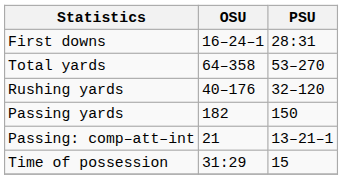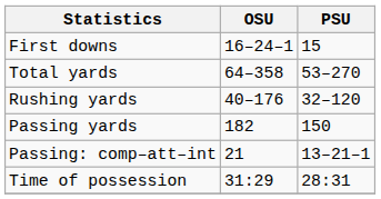 <table class="wikitable" style="float: left;">
 <tr>
 <th>Statistics</th>
 <th>OSU</th>
 <th>PSU</th>
 </tr>
 <tr>
 <td>First downs</td>
 <td>16–24–1</td>
-<td>28:31</td>
+<td>15</td>
 </tr>
 <tr>
 <td>Total yards</td>
 <td>64–358</td>
 <td>53–270</td>
 </tr>
 <tr>
 <td>Rushing yards</td>
 <td>40–176</td>
 <td>32–120</td>
 </tr>
 <tr>
 <td>Passing yards</td>
 <td>182</td>
 <td>150</td>
 </tr>
 <tr>
 <td>Passing: comp–att–int</td>
 <td>21</td>
 <td>13–21–1</td>
 </tr>
 <tr>
 <td>Time of possession</td>
 <td>31:29</td>
-<td>15</td>
+<td>28:31</td>
 </tr>
 <tr>
 </tr>
 </table>
